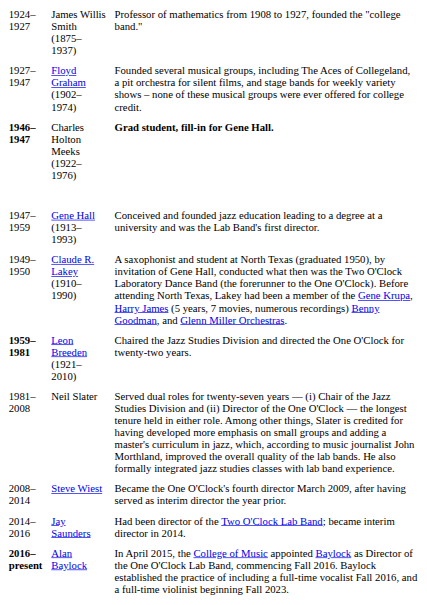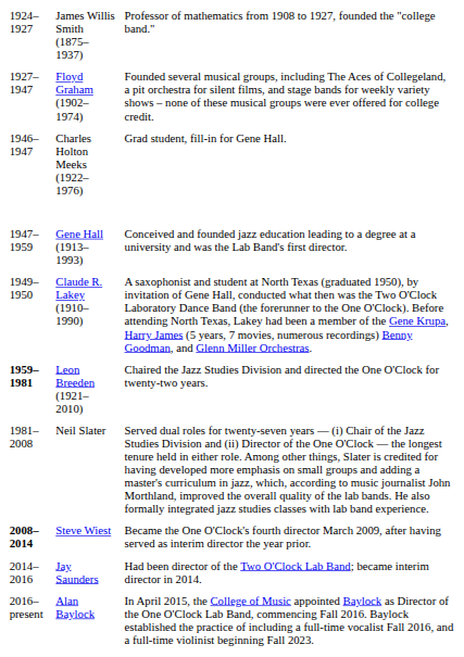 <table border="0" cellpadding="5" style="color:black; background:#fff;">
 <tr valign="top">
 <td style="width:10%;">1924–1927</td>
 <td style="width:15%;">James Willis Smith<br>(1875–1937)</td>
 <td style="width:75%;">Professor of mathematics from 1908 to 1927, founded the "college band."</td>
 </tr>
 <tr valign="top">
 <td style="width:10%;">1927–1947</td>
 <td style="width:15%;"><a href='#'>Floyd Graham</a><br>(1902–1974)</td>
 <td style="width:75%;">Founded several musical groups, including The Aces of Collegeland, a pit orchestra for silent films, and stage bands for weekly variety shows – none of these musical groups were ever offered for college credit.</td>
 </tr>
 <tr valign="top">
-<td style="width:10%;"><strong>1946–1947</strong></td>
+<td style="width:10%;">1946–1947</td>
 <td style="width:15%;">Charles Holton Meeks<br>(1922–1976)</td>
-<td style="width:75%;"><strong>Grad student, fill-in for Gene Hall.</strong></td>
+<td style="width:75%;">Grad student, fill-in for Gene Hall.</td>
 </tr>
 <tr valign="top">
 <td style="width:10%;"><br></td>
 <td style="width:15%;"><br></td>
 <td style="width:75%;"><br></td>
 </tr>
 <tr valign="top">
 <td style="width:10%;">1947–1959</td>
 <td style="width:15%;"><a href='#'>Gene Hall</a><br>(1913–1993)</td>
 <td style="width:75%;">Conceived and founded jazz education leading to a degree at a university and was the Lab Band's first director.</td>
 </tr>
 <tr valign="top">
 <td style="width:10%;">1949–1950</td>
 <td style="width:15%;"><a href='#'>Claude R. Lakey</a><br>(1910–1990)</td>
 <td style="width:75%;">A saxophonist and student at North Texas (graduated 1950), by invitation of Gene Hall, conducted what then was the Two O'Clock Laboratory Dance Band (the forerunner to the One O'Clock). Before attending North Texas, Lakey had been a member of the <a href='#'>Gene Krupa</a>, <a href='#'>Harry James</a> (5 years, 7 movies, numerous recordings) <a href='#'>Benny Goodman</a>, and <a href='#'>Glenn Miller Orchestras</a>.</td>
 </tr>
 <tr valign="top">
 <td style="width:10%;"><strong>1959–1981</strong></td>
 <td style="width:15%;"><a href='#'>Leon Breeden</a><br>(1921–2010)</td>
 <td style="width:75%;">Chaired the Jazz Studies Division and directed the One O'Clock for twenty-two years.</td>
 </tr>
 <tr valign="top">
 <td style="width:10%;">1981–2008</td>
 <td style="width:15%;">Neil Slater</td>
 <td style="width:75%;">Served dual roles for twenty-seven years — (i) Chair of the Jazz Studies Division and (ii) Director of the One O'Clock — the longest tenure held in either role. Among other things, Slater is credited for having developed more emphasis on small groups and adding a master's curriculum in jazz, which, according to music journalist John Morthland, improved the overall quality of the lab bands. He also formally integrated jazz studies classes with lab band experience.</td>
 </tr>
 <tr valign="top">
-<td style="width:10%;">2008–2014</td>
+<td style="width:10%;"><strong>2008–2014</strong></td>
 <td style="width:15%;"><a href='#'>Steve Wiest</a></td>
 <td style="width:75%;">Became the One O'Clock's fourth director March 2009, after having served as interim director the year prior.</td>
 </tr>
 <tr valign="top">
 <td style="width:10%;">2014–2016</td>
 <td style="width:15%;"><a href='#'>Jay Saunders</a></td>
 <td style="width:75%;">Had been director of the <a href='#'>Two O'Clock Lab Band</a>; became interim director in 2014.</td>
 </tr>
 <tr valign="top">
-<td style="width:10%;"><strong>2016–present</strong></td>
+<td style="width:10%;">2016–present</td>
 <td style="width:15%;"><a href='#'>Alan Baylock</a></td>
 <td style="width:75%;">In April 2015, the <a href='#'>College of Music</a> appointed <a href='#'>Baylock</a> as Director of the One O'Clock Lab Band, commencing Fall 2016. Baylock established the practice of including a full-time vocalist Fall 2016, and a full-time violinist beginning Fall 2023.</td>
 </tr>
 </table>
